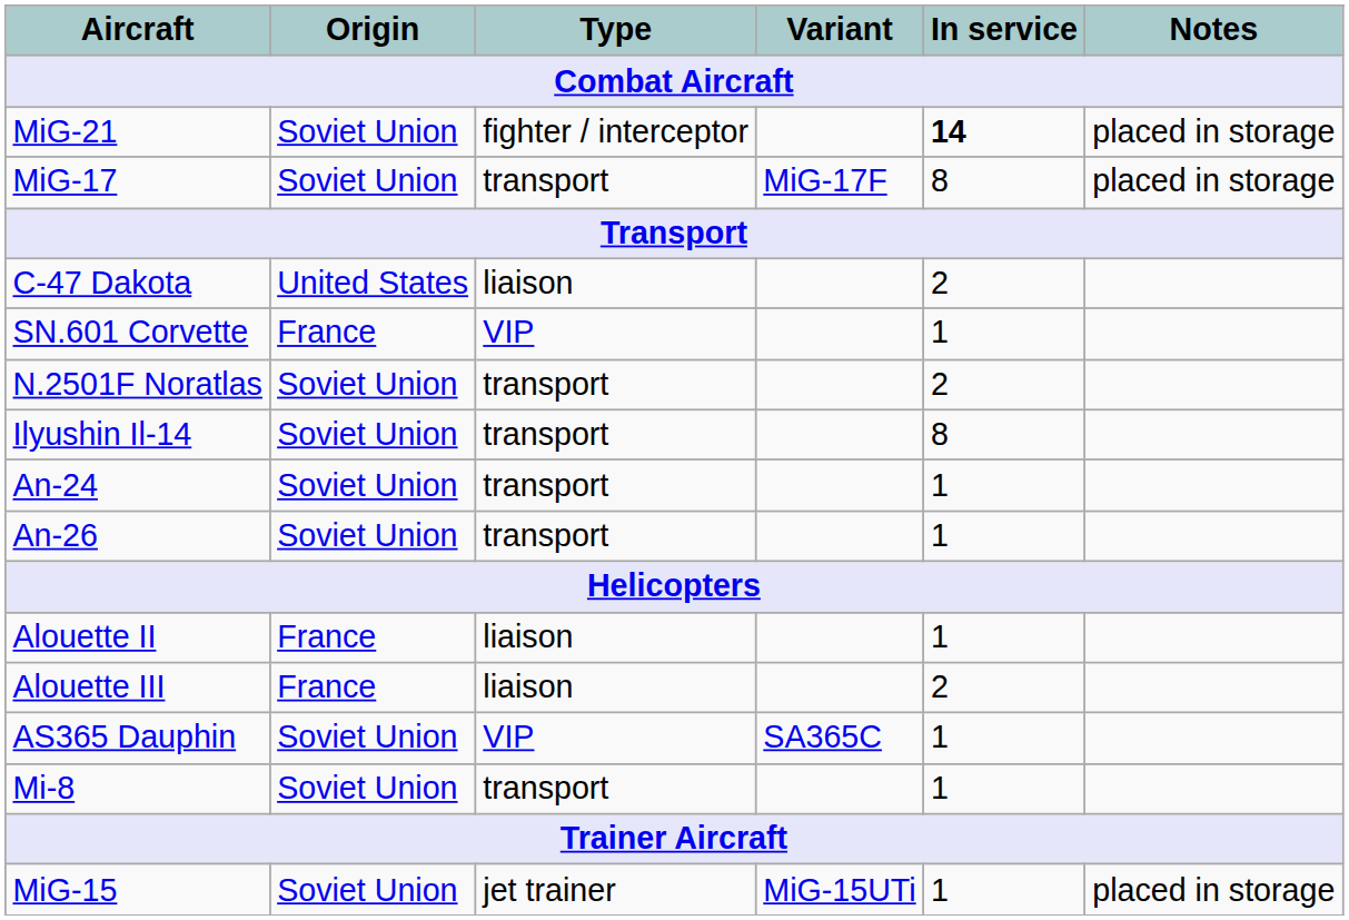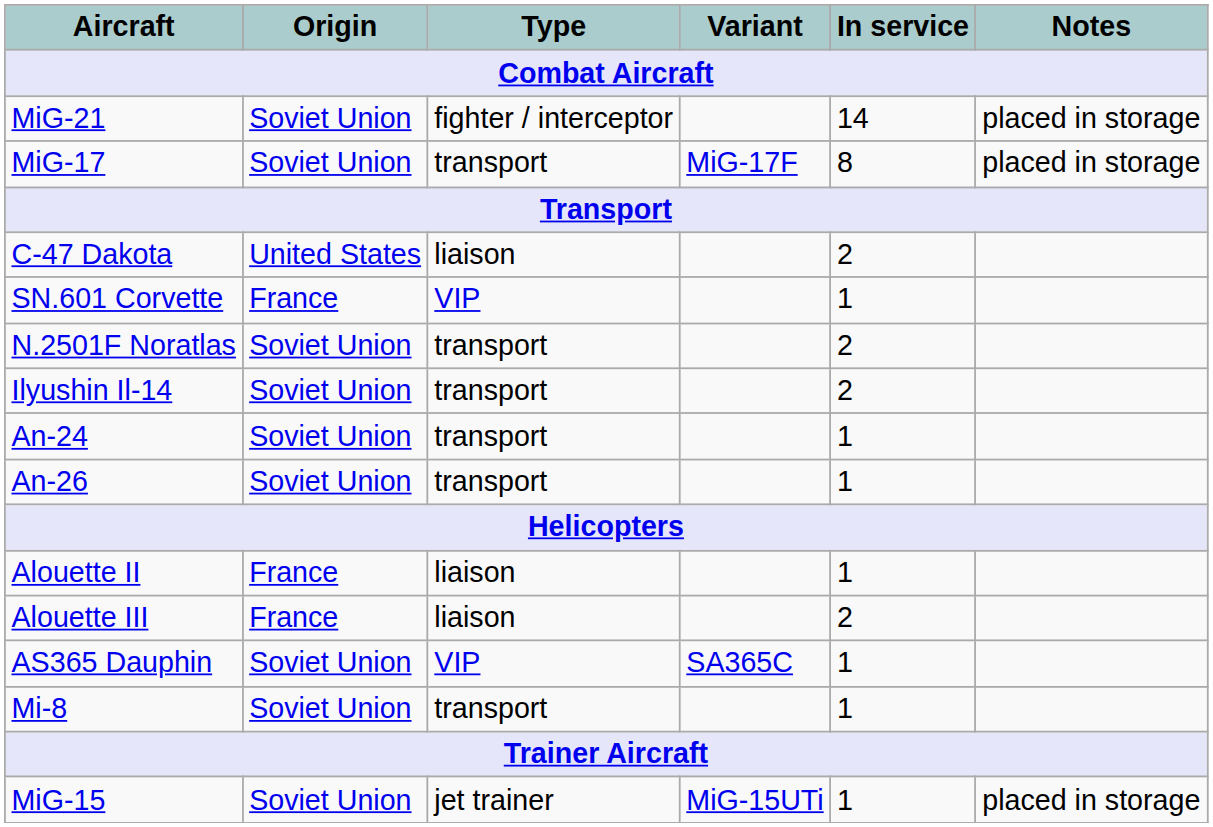 <table class="wikitable">
 <tr>
 <th style="background:#acc;">Aircraft</th>
 <th style="background:#acc;">Origin</th>
 <th style="background:#acc;">Type</th>
 <th style="background:#acc;">Variant</th>
 <th style="background:#acc;">In service</th>
 <th style="background:#acc;">Notes</th>
 </tr>
 <tr>
 <th colspan="7" style="align: center; background: lavender;"><a href='#'>Combat Aircraft</a></th>
 </tr>
 <tr>
 <td><a href='#'>MiG-21</a></td>
 <td><a href='#'>Soviet Union</a></td>
 <td>fighter / interceptor</td>
 <td></td>
-<td><strong>14</strong></td>
+<td>14</td>
 <td>placed in storage</td>
 </tr>
 <tr>
 <td><a href='#'>MiG-17</a></td>
 <td><a href='#'>Soviet Union</a></td>
 <td>transport</td>
 <td><a href='#'>MiG-17F</a></td>
 <td>8</td>
 <td>placed in storage</td>
 </tr>
 <tr>
 <th colspan="7" style="align: center; background: lavender;"><a href='#'>Transport</a></th>
 </tr>
 <tr>
 <td><a href='#'>C-47 Dakota</a></td>
 <td><a href='#'>United States</a></td>
 <td>liaison</td>
 <td></td>
 <td>2</td>
 <td></td>
 </tr>
 <tr>
 <td><a href='#'>SN.601 Corvette</a></td>
 <td><a href='#'>France</a></td>
 <td><a href='#'>VIP</a></td>
 <td></td>
 <td>1</td>
 <td></td>
 </tr>
 <tr>
 <td><a href='#'>N.2501F Noratlas</a></td>
 <td><a href='#'>Soviet Union</a></td>
 <td>transport</td>
 <td></td>
 <td>2</td>
 <td></td>
 </tr>
 <tr>
 <td><a href='#'>Ilyushin Il-14</a></td>
 <td><a href='#'>Soviet Union</a></td>
 <td>transport</td>
 <td></td>
-<td>8</td>
+<td>2</td>
 <td></td>
 </tr>
 <tr>
 <td><a href='#'>An-24</a></td>
 <td><a href='#'>Soviet Union</a></td>
 <td>transport</td>
 <td></td>
 <td>1</td>
 <td></td>
 </tr>
 <tr>
 <td><a href='#'>An-26</a></td>
 <td><a href='#'>Soviet Union</a></td>
 <td>transport</td>
 <td></td>
 <td>1</td>
 <td></td>
 </tr>
 <tr>
 <th colspan="7" style="align: center; background: lavender;"><a href='#'>Helicopters</a></th>
 </tr>
 <tr>
 <td><a href='#'>Alouette II</a></td>
 <td><a href='#'>France</a></td>
 <td>liaison</td>
 <td></td>
 <td>1</td>
 <td></td>
 </tr>
 <tr>
 <td><a href='#'>Alouette III</a></td>
 <td><a href='#'>France</a></td>
 <td>liaison</td>
 <td></td>
 <td>2</td>
 <td></td>
 </tr>
 <tr>
 <td><a href='#'>AS365 Dauphin</a></td>
 <td><a href='#'>Soviet Union</a></td>
 <td><a href='#'>VIP</a></td>
 <td><a href='#'>SA365C</a></td>
 <td>1</td>
 <td></td>
 </tr>
 <tr>
 <td><a href='#'>Mi-8</a></td>
 <td><a href='#'>Soviet Union</a></td>
 <td>transport</td>
 <td></td>
 <td>1</td>
 <td></td>
 </tr>
 <tr>
 <th colspan="7" style="align: center; background: lavender;"><a href='#'>Trainer Aircraft</a></th>
 </tr>
 <tr>
 <td><a href='#'>MiG-15</a></td>
 <td><a href='#'>Soviet Union</a></td>
 <td>jet trainer</td>
 <td><a href='#'>MiG-15UTi</a></td>
 <td>1</td>
 <td>placed in storage</td>
 </tr>
 </table>
